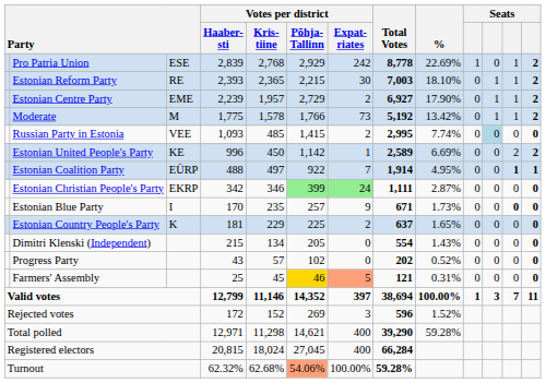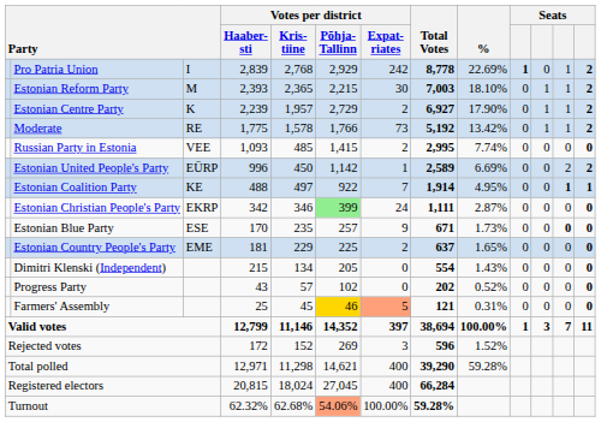 <table class="wikitable" border="1" style="text-align:right;">
 <tr>
 <th style="text-align:left;" valign=bottom rowspan=2 colspan=3>Party</th>
 <th colspan=4>Votes per district</th>
 <th align=center valign=bottom rowspan=2 width="50">Total Votes</th>
 <th align=center valign=bottom rowspan=2 width="50">%</th>
 <th colspan=4>Seats</th>
 </tr>
 <tr>
 <th align=center valign=bottom width="50"><a href='#'>Haaber- sti</a></th>
 <th align=center valign=bottom width="50"><a href='#'>Kris- tiine</a></th>
 <th align=center valign=bottom width="50"><a href='#'>Põhja- Tallinn</a></th>
 <th align=center valign=bottom width="50"><a href='#'>Expat- riates</a></th>
 <th align=center valign=bottom width="20"><small></small></th>
 <th align=center valign=bottom width="20"><small></small></th>
 <th align=center valign=bottom width="20"><small></small></th>
 <th align=center valign=bottom width="20"><small></small></th>
 </tr>
 <tr style="background:#CEE0F2;">
 <td style="background:"></td>
 <td align=left><a href='#'>Pro Patria Union</a></td>
-<td align=left>ESE</td>
+<td align=left>I</td>
 <td>2,839</td>
 <td>2,768</td>
 <td>2,929</td>
 <td>242</td>
 <td><strong>8,778</strong></td>
 <td>22.69%</td>
-<td>1</td>
+<td><strong>1</strong></td>
 <td>0</td>
 <td>1</td>
 <td><strong>2</strong></td>
 </tr>
 <tr style="background:#CEE0F2;">
 <td style="background:"></td>
 <td align=left><a href='#'>Estonian Reform Party</a></td>
-<td align=left>RE</td>
+<td align=left>M</td>
 <td>2,393</td>
 <td>2,365</td>
 <td>2,215</td>
 <td>30</td>
 <td><strong>7,003</strong></td>
 <td>18.10%</td>
 <td>0</td>
 <td>1</td>
 <td>1</td>
 <td><strong>2</strong></td>
 </tr>
 <tr style="background:#CEE0F2;">
 <td style="background:"></td>
 <td align=left><a href='#'>Estonian Centre Party</a></td>
-<td align=left>EME</td>
+<td align=left>K</td>
 <td>2,239</td>
 <td>1,957</td>
 <td>2,729</td>
 <td>2</td>
 <td><strong>6,927</strong></td>
 <td>17.90%</td>
 <td>0</td>
 <td>1</td>
 <td>1</td>
 <td><strong>2</strong></td>
 </tr>
 <tr style="background:#CEE0F2;">
 <td style="background:"></td>
 <td align=left><a href='#'>Moderate</a></td>
-<td align=left>M</td>
+<td align=left>RE</td>
 <td>1,775</td>
 <td>1,578</td>
 <td>1,766</td>
 <td>73</td>
 <td><strong>5,192</strong></td>
 <td>13.42%</td>
 <td>0</td>
 <td>1</td>
 <td>1</td>
 <td><strong>2</strong></td>
 </tr>
 <tr>
 <td></td>
 <td align=left><a href='#'>Russian Party in Estonia</a></td>
 <td align=left>VEE</td>
 <td>1,093</td>
 <td>485</td>
 <td>1,415</td>
 <td>2</td>
 <td><strong>2,995</strong></td>
 <td>7.74%</td>
 <td>0</td>
-<td style="background: lightblue;">0</td>
+<td>0</td>
 <td>0</td>
 <td><strong>0</strong></td>
 </tr>
 <tr style="background:#CEE0F2;">
 <td style="background:"></td>
 <td align=left><a href='#'>Estonian United People's Party</a></td>
-<td align=left>KE</td>
+<td align=left>EÜRP</td>
 <td>996</td>
 <td>450</td>
 <td>1,142</td>
 <td>1</td>
 <td><strong>2,589</strong></td>
 <td>6.69%</td>
 <td>0</td>
 <td>0</td>
 <td>2</td>
 <td><strong>2</strong></td>
 </tr>
 <tr style="background:#CEE0F2;">
 <td style="background:"></td>
 <td align=left><a href='#'>Estonian Coalition Party</a></td>
-<td align=left>EÜRP</td>
+<td align=left>KE</td>
 <td>488</td>
 <td>497</td>
 <td>922</td>
 <td>7</td>
 <td><strong>1,914</strong></td>
 <td>4.95%</td>
 <td>0</td>
 <td>0</td>
 <td><strong>1</strong></td>
 <td><strong>1</strong></td>
 </tr>
 <tr>
 <td style="background:"></td>
 <td align=left><a href='#'>Estonian Christian People's Party</a></td>
 <td align=left>EKRP</td>
 <td>342</td>
 <td>346</td>
 <td style="background: lightgreen;">399</td>
-<td style="background: lightgreen;">24</td>
+<td>24</td>
 <td><strong>1,111</strong></td>
 <td>2.87%</td>
 <td>0</td>
 <td>0</td>
 <td>0</td>
 <td><strong>0</strong></td>
 </tr>
 <tr>
 <td></td>
 <td align=left>Estonian Blue Party</td>
-<td align=left>I</td>
+<td align=left>ESE</td>
 <td>170</td>
 <td>235</td>
 <td>257</td>
 <td>9</td>
 <td><strong>671</strong></td>
 <td>1.73%</td>
 <td>0</td>
 <td>0</td>
 <td><strong>0</strong></td>
 <td><strong>0</strong></td>
 </tr>
 <tr style="background:#CEE0F2;">
 <td style="background:"></td>
 <td align=left><a href='#'>Estonian Country People's Party</a></td>
-<td align=left>K</td>
+<td align=left>EME</td>
 <td>181</td>
 <td>229</td>
 <td>225</td>
 <td>2</td>
 <td><strong>637</strong></td>
 <td>1.65%</td>
 <td>0</td>
 <td>0</td>
 <td>0</td>
 <td><strong>0</strong></td>
 </tr>
 <tr>
 <td style="background:"></td>
 <td align=left>Dimitri Klenski (<a href='#'>Independent</a>)</td>
 <td></td>
 <td>215</td>
 <td>134</td>
 <td>205</td>
 <td>0</td>
 <td><strong>554</strong></td>
 <td>1.43%</td>
 <td>0</td>
 <td>0</td>
 <td>0</td>
 <td><strong>0</strong></td>
 </tr>
 <tr>
 <td></td>
 <td align=left>Progress Party</td>
 <td></td>
 <td>43</td>
 <td>57</td>
 <td>102</td>
 <td>0</td>
 <td><strong>202</strong></td>
 <td>0.52%</td>
 <td>0</td>
 <td>0</td>
 <td>0</td>
 <td><strong>0</strong></td>
 </tr>
 <tr>
 <td></td>
 <td align=left>Farmers' Assembly</td>
 <td></td>
 <td>25</td>
 <td>45</td>
 <td style="background: gold;">46</td>
 <td style="background: lightsalmon;">5</td>
 <td><strong>121</strong></td>
 <td>0.31%</td>
 <td>0</td>
 <td>0</td>
 <td>0</td>
 <td><strong>0</strong></td>
 </tr>
 <tr style="font-weight:bold">
 <td align=left colspan=3>Valid votes</td>
 <td>12,799</td>
 <td>11,146</td>
 <td>14,352</td>
 <td>397</td>
 <td>38,694</td>
 <td>100.00%</td>
 <td>1</td>
 <td>3</td>
 <td>7</td>
 <td>11</td>
 </tr>
 <tr>
 <td align=left colspan=3>Rejected votes</td>
 <td>172</td>
 <td>152</td>
 <td>269</td>
 <td>3</td>
 <td><strong>596</strong></td>
 <td>1.52%</td>
 <td></td>
 <td></td>
 <td></td>
 <td></td>
 </tr>
 <tr>
 <td align=left colspan=3>Total polled</td>
 <td>12,971</td>
 <td>11,298</td>
 <td>14,621</td>
 <td>400</td>
 <td><strong>39,290</strong></td>
 <td>59.28%</td>
 <td></td>
 <td></td>
 <td></td>
 <td></td>
 </tr>
 <tr>
 <td align=left colspan=3>Registered electors</td>
 <td>20,815</td>
 <td>18,024</td>
 <td>27,045</td>
 <td>400</td>
 <td><strong>66,284</strong></td>
 <td></td>
 <td></td>
 <td></td>
 <td></td>
 <td></td>
 </tr>
 <tr>
 <td align=left colspan=3>Turnout</td>
 <td>62.32%</td>
 <td>62.68%</td>
 <td style="background: lightsalmon;">54.06%</td>
 <td>100.00%</td>
 <td><strong>59.28%</strong></td>
 <td></td>
 <td></td>
 <td></td>
 <td></td>
 <td></td>
 </tr>
 </table>
